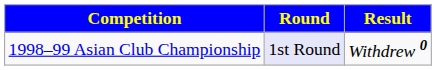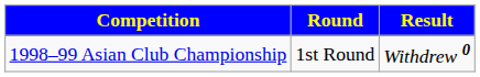 <table class="wikitable collapsible collapsed" align=center>
 <tr>
 <th style="background:blue; color:yellow; text-align:center;">Competition</th>
 <th style="background:blue; color:yellow; text-align:center;">Round</th>
 <th style="background:blue; color:yellow; text-align:center;">Result</th>
 </tr>
 <tr>
 <td style="text-align:left;" rowspan=2><a href='#'>1998–99 Asian Club Championship</a></td>
-<td style="background: lavender;">1st Round</td>
+<td>1st Round</td>
 <td><em>Withdrew <sup><strong>0</strong></sup></em></td>
 </tr>
 </table>
